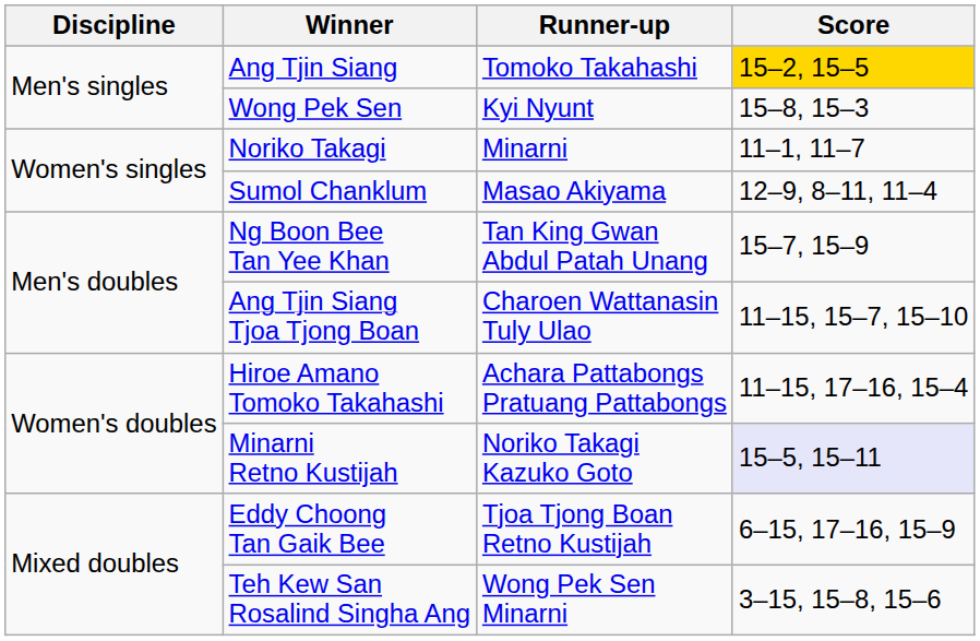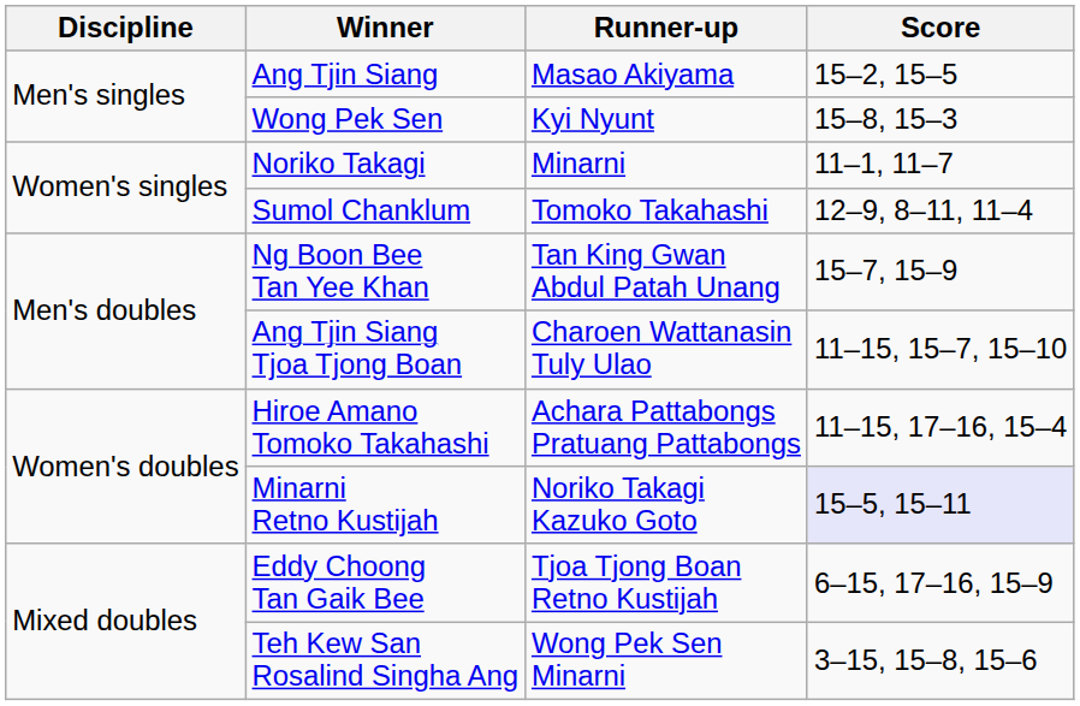 <table class="wikitable">
 <tr>
 <th>Discipline</th>
 <th>Winner</th>
 <th>Runner-up</th>
 <th>Score</th>
 </tr>
 <tr>
 <td rowspan=2>Men's singles</td>
 <td> <a href='#'>Ang Tjin Siang</a></td>
-<td> <a href='#'>Tomoko Takahashi</a></td>
-<td style="background: gold;">15–2, 15–5</td>
+<td> <a href='#'>Masao Akiyama</a></td>
+<td>15–2, 15–5</td>
 </tr>
 <tr>
 <td> <a href='#'>Wong Pek Sen</a></td>
 <td> <a href='#'>Kyi Nyunt</a></td>
 <td>15–8, 15–3</td>
 </tr>
 <tr>
 <td rowspan=2>Women's singles</td>
 <td> <a href='#'>Noriko Takagi</a></td>
 <td> <a href='#'>Minarni</a></td>
 <td>11–1, 11–7</td>
 </tr>
 <tr>
 <td> <a href='#'>Sumol Chanklum</a></td>
-<td> <a href='#'>Masao Akiyama</a></td>
+<td> <a href='#'>Tomoko Takahashi</a></td>
 <td>12–9, 8–11, 11–4</td>
 </tr>
 <tr>
 <td rowspan=2>Men's doubles</td>
 <td> <a href='#'>Ng Boon Bee</a><br>  <a href='#'>Tan Yee Khan</a></td>
 <td> <a href='#'>Tan King Gwan</a><br> <a href='#'>Abdul Patah Unang</a></td>
 <td>15–7, 15–9</td>
 </tr>
 <tr>
 <td> <a href='#'>Ang Tjin Siang</a><br>  <a href='#'>Tjoa Tjong Boan</a></td>
 <td> <a href='#'>Charoen Wattanasin</a><br>  <a href='#'>Tuly Ulao</a></td>
 <td>11–15, 15–7, 15–10</td>
 </tr>
 <tr>
 <td rowspan=2>Women's doubles</td>
 <td> <a href='#'>Hiroe Amano</a><br>  <a href='#'>Tomoko Takahashi</a></td>
 <td> <a href='#'>Achara Pattabongs</a><br>  <a href='#'>Pratuang Pattabongs</a></td>
 <td>11–15, 17–16, 15–4</td>
 </tr>
 <tr>
 <td> <a href='#'>Minarni</a><br>  <a href='#'>Retno Kustijah</a></td>
 <td> <a href='#'>Noriko Takagi</a><br>  <a href='#'>Kazuko Goto</a></td>
 <td style="background: lavender;">15–5, 15–11</td>
 </tr>
 <tr>
 <td rowspan=2>Mixed doubles</td>
 <td> <a href='#'>Eddy Choong</a><br>  <a href='#'>Tan Gaik Bee</a></td>
 <td> <a href='#'>Tjoa Tjong Boan</a><br>  <a href='#'>Retno Kustijah</a></td>
 <td>6–15, 17–16, 15–9</td>
 </tr>
 <tr>
 <td> <a href='#'>Teh Kew San</a><br>  <a href='#'>Rosalind Singha Ang</a></td>
 <td> <a href='#'>Wong Pek Sen</a><br>  <a href='#'>Minarni</a></td>
 <td>3–15, 15–8, 15–6</td>
 </tr>
 </table>
